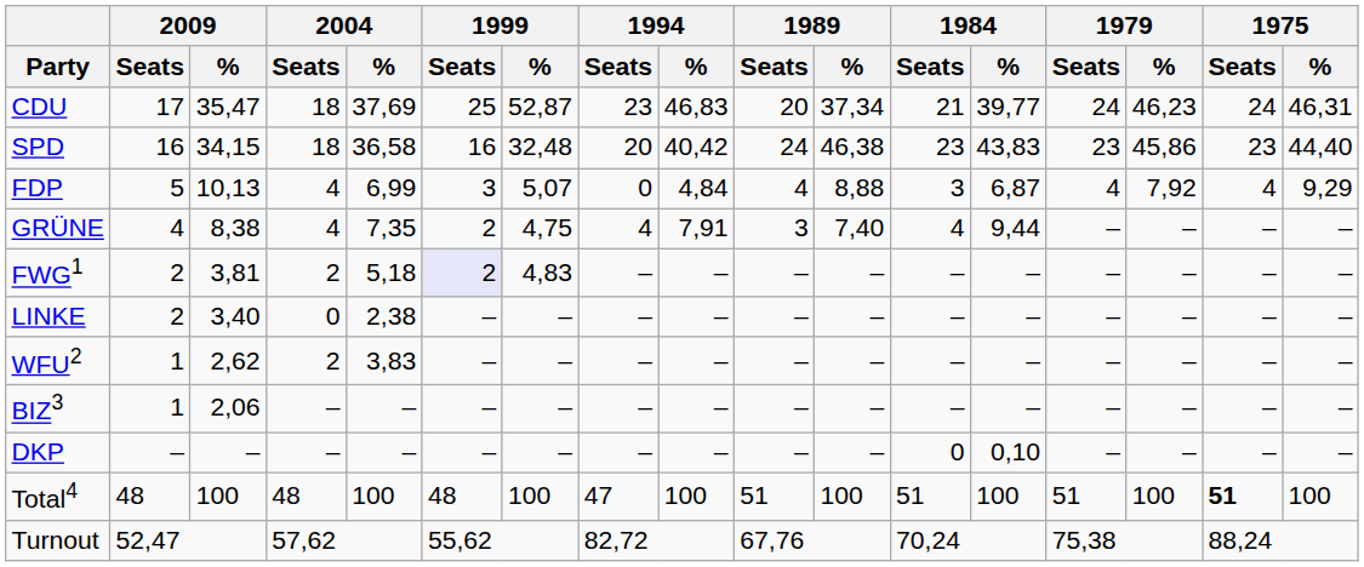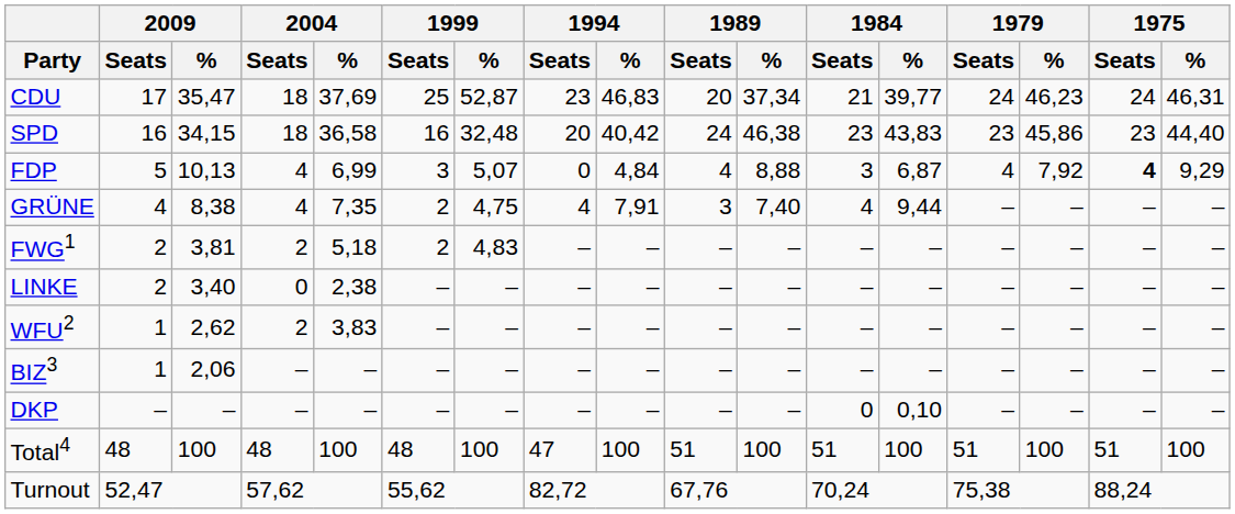 <table class="wikitable">
 <tr style="background:#efefef;">
 <th></th>
 <th colspan="2">2009</th>
 <th colspan="2">2004</th>
 <th colspan="2">1999</th>
 <th colspan="2">1994</th>
 <th colspan="2">1989</th>
 <th colspan="2">1984</th>
 <th colspan="2">1979</th>
 <th colspan="2">1975</th>
 </tr>
 <tr style="background:#efefef;">
 <th>Party</th>
 <th>Seats</th>
 <th>%</th>
 <th>Seats</th>
 <th>%</th>
 <th>Seats</th>
 <th>%</th>
 <th>Seats</th>
 <th>%</th>
 <th>Seats</th>
 <th>%</th>
 <th>Seats</th>
 <th>%</th>
 <th>Seats</th>
 <th>%</th>
 <th>Seats</th>
 <th>%</th>
 </tr>
 <tr style="text-align:right;">
 <td style="text-align:left;"><a href='#'>CDU</a></td>
 <td>17</td>
 <td>35,47</td>
 <td>18</td>
 <td>37,69</td>
 <td>25</td>
 <td>52,87</td>
 <td>23</td>
 <td>46,83</td>
 <td>20</td>
 <td>37,34</td>
 <td>21</td>
 <td>39,77</td>
 <td>24</td>
 <td>46,23</td>
 <td>24</td>
 <td>46,31</td>
 </tr>
 <tr style="text-align:right;">
 <td style="text-align:left;"><a href='#'>SPD</a></td>
 <td>16</td>
 <td>34,15</td>
 <td>18</td>
 <td>36,58</td>
 <td>16</td>
 <td>32,48</td>
 <td>20</td>
 <td>40,42</td>
 <td>24</td>
 <td>46,38</td>
 <td>23</td>
 <td>43,83</td>
 <td>23</td>
 <td>45,86</td>
 <td>23</td>
 <td>44,40</td>
 </tr>
 <tr style="text-align:right;">
 <td style="text-align:left;"><a href='#'>FDP</a></td>
 <td>5</td>
 <td>10,13</td>
 <td>4</td>
 <td>6,99</td>
 <td>3</td>
 <td>5,07</td>
 <td>0</td>
 <td>4,84</td>
 <td>4</td>
 <td>8,88</td>
 <td>3</td>
 <td>6,87</td>
 <td>4</td>
 <td>7,92</td>
-<td>4</td>
+<td><strong>4</strong></td>
 <td>9,29</td>
 </tr>
 <tr style="text-align:right;">
 <td style="text-align:left;"><a href='#'>GRÜNE</a></td>
 <td>4</td>
 <td>8,38</td>
 <td>4</td>
 <td>7,35</td>
 <td>2</td>
 <td>4,75</td>
 <td>4</td>
 <td>7,91</td>
 <td>3</td>
 <td>7,40</td>
 <td>4</td>
 <td>9,44</td>
 <td>–</td>
 <td>–</td>
 <td>–</td>
 <td>–</td>
 </tr>
 <tr style="text-align:right;">
 <td style="text-align:left;"><a href='#'>FWG</a><sup>1</sup></td>
 <td>2</td>
 <td>3,81</td>
 <td>2</td>
 <td>5,18</td>
-<td style="background: lavender;">2</td>
+<td>2</td>
 <td>4,83</td>
 <td>–</td>
 <td>–</td>
 <td>–</td>
 <td>–</td>
 <td>–</td>
 <td>–</td>
 <td>–</td>
 <td>–</td>
 <td>–</td>
 <td>–</td>
 </tr>
 <tr style="text-align:right;">
 <td style="text-align:left;"><a href='#'>LINKE</a></td>
 <td>2</td>
 <td>3,40</td>
 <td>0</td>
 <td>2,38</td>
 <td>–</td>
 <td>–</td>
 <td>–</td>
 <td>–</td>
 <td>–</td>
 <td>–</td>
 <td>–</td>
 <td>–</td>
 <td>–</td>
 <td>–</td>
 <td>–</td>
 <td>–</td>
 </tr>
 <tr style="text-align:right;">
 <td style="text-align:left;"><a href='#'>WFU</a><sup>2</sup></td>
 <td>1</td>
 <td>2,62</td>
 <td>2</td>
 <td>3,83</td>
 <td>–</td>
 <td>–</td>
 <td>–</td>
 <td>–</td>
 <td>–</td>
 <td>–</td>
 <td>–</td>
 <td>–</td>
 <td>–</td>
 <td>–</td>
 <td>–</td>
 <td>–</td>
 </tr>
 <tr style="text-align:right;">
 <td style="text-align:left;"><a href='#'>BIZ</a><sup>3</sup></td>
 <td>1</td>
 <td>2,06</td>
 <td>–</td>
 <td>–</td>
 <td>–</td>
 <td>–</td>
 <td>–</td>
 <td>–</td>
 <td>–</td>
 <td>–</td>
 <td>–</td>
 <td>–</td>
 <td>–</td>
 <td>–</td>
 <td>–</td>
 <td>–</td>
 </tr>
 <tr style="text-align:right;">
 <td style="text-align:left;"><a href='#'>DKP</a></td>
 <td>–</td>
 <td>–</td>
 <td>–</td>
 <td>–</td>
 <td>–</td>
 <td>–</td>
 <td>–</td>
 <td>–</td>
 <td>–</td>
 <td>–</td>
 <td>0</td>
 <td>0,10</td>
 <td>–</td>
 <td>–</td>
 <td>–</td>
 <td>–</td>
 </tr>
 <tr>
 <td>Total<sup>4</sup></td>
 <td>48</td>
 <td>100</td>
 <td>48</td>
 <td>100</td>
 <td>48</td>
 <td>100</td>
 <td>47</td>
 <td>100</td>
 <td>51</td>
 <td>100</td>
 <td>51</td>
 <td>100</td>
 <td>51</td>
 <td>100</td>
-<td><strong>51</strong></td>
+<td>51</td>
 <td>100</td>
 </tr>
 <tr>
 <td style="text-align:left;">Turnout</td>
 <td colspan="2">52,47</td>
 <td colspan="2">57,62</td>
 <td colspan="2">55,62</td>
 <td colspan="2">82,72</td>
 <td colspan="2">67,76</td>
 <td colspan="2">70,24</td>
 <td colspan="2">75,38</td>
 <td colspan="2">88,24</td>
 </tr>
 </table>
